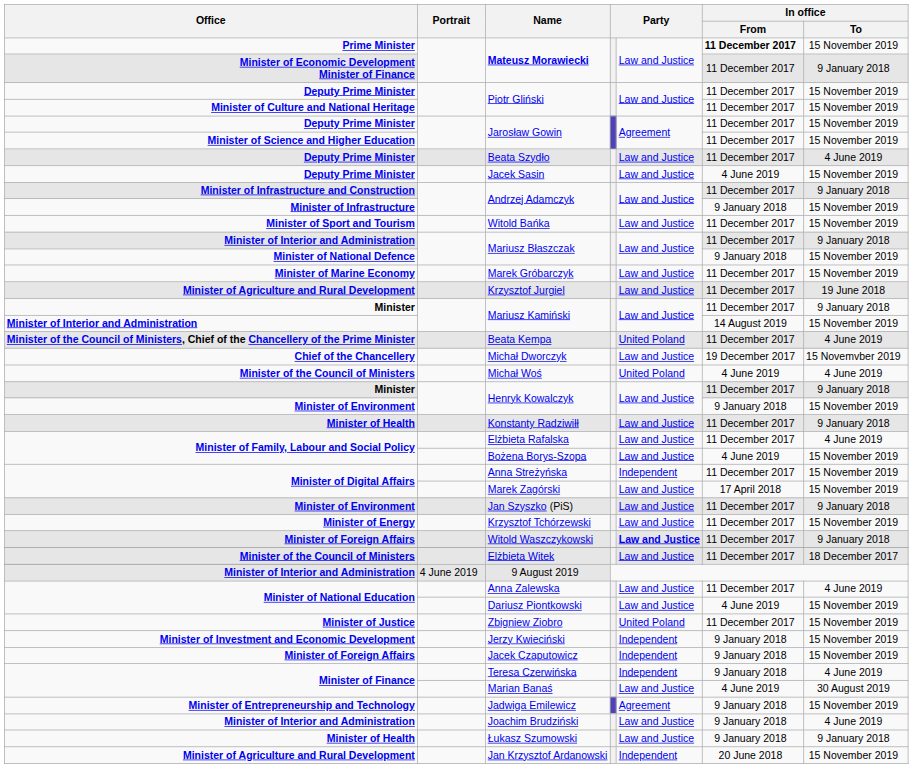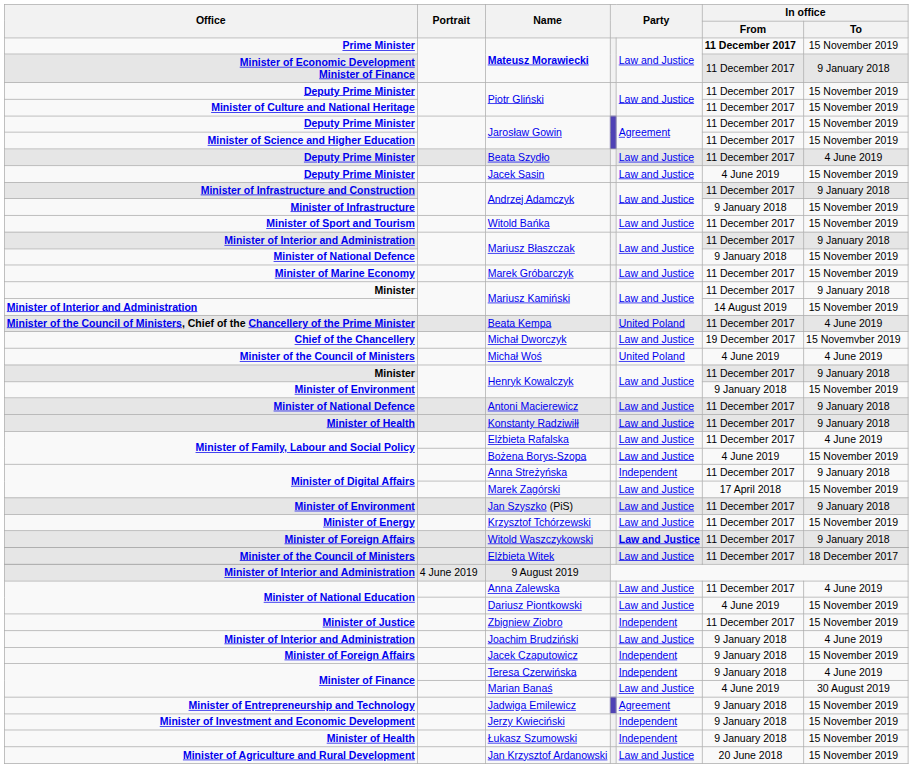 <table class="wikitable" style="font-size: 90%;">
 <tr>
 <th rowspan=2>Office</th>
 <th rowspan="2">Portrait</th>
 <th rowspan="2">Name</th>
 <th colspan="2" rowspan="2">Party</th>
 <th colspan=2><strong>In office</strong></th>
 </tr>
 <tr>
 <th>From</th>
 <th>To</th>
 </tr>
 <tr>
 <td style="text-align: right;"><strong><a href='#'>Prime Minister</a></strong></td>
 <td rowspan="2"></td>
 <td rowspan=2><strong><a href='#'>Mateusz Morawiecki</a></strong></td>
 <th rowspan="2" style="background:"></th>
 <td rowspan="2"><a href='#'>Law and Justice</a></td>
 <td align="center" style="padding-right:10px"><strong>11 December 2017</strong></td>
 <td align="center" style="padding-right:10px">15 November 2019</td>
 </tr>
 <tr style="background: #E6E6E6;">
 <td style="text-align: right;"><strong><a href='#'>Minister of Economic Development</a></strong><br><strong><a href='#'>Minister of Finance</a></strong></td>
 <td align="center" style="padding-right:10px">11 December 2017</td>
 <td align="center" style="padding-right:10px">9 January 2018</td>
 </tr>
 <tr>
 <td style="text-align: right;"><strong><a href='#'>Deputy Prime Minister</a></strong></td>
 <td rowspan="2"></td>
 <td rowspan="2"><a href='#'>Piotr Gliński</a></td>
 <th rowspan="2" style="background:"></th>
 <td rowspan="2"><a href='#'>Law and Justice</a></td>
 <td align="center" style="padding-right:10px">11 December 2017</td>
 <td align="center" style="padding-right:10px">15 November 2019</td>
 </tr>
 <tr>
 <td style="text-align: right;"><strong><a href='#'>Minister of Culture and National Heritage</a></strong></td>
 <td align="center" style="padding-right:10px">11 December 2017</td>
 <td align="center" style="padding-right:10px">15 November 2019</td>
 </tr>
 <tr>
 <td style="text-align: right;"><strong><a href='#'>Deputy Prime Minister</a></strong></td>
 <td rowspan="2"></td>
 <td rowspan=2><a href='#'>Jarosław Gowin</a></td>
 <th rowspan="2" style="width:2px;background:#4F42B5;"></th>
 <td rowspan="2"><a href='#'>Agreement</a></td>
 <td align="center" style="padding-right:10px">11 December 2017</td>
 <td align="center" style="padding-right:10px">15 November 2019</td>
 </tr>
 <tr>
 <td style="text-align: right;"><strong><a href='#'>Minister of Science and Higher Education</a></strong></td>
 <td align="center" style="padding-right:10px">11 December 2017</td>
 <td align="center" style="padding-right:10px">15 November 2019</td>
 </tr>
 <tr style="background: #E6E6E6;">
 <td style="text-align: right;"><strong><a href='#'>Deputy Prime Minister</a></strong></td>
 <td></td>
 <td><a href='#'>Beata Szydło</a></td>
 <th style="background:"></th>
 <td><a href='#'>Law and Justice</a></td>
 <td align="center" style="padding-right:10px; background: #E6E6E6;">11 December 2017</td>
 <td align="center" style="padding-right:10px; background: #E6E6E6;">4 June 2019</td>
 </tr>
 <tr>
 <td style="text-align: right;"><strong><a href='#'>Deputy Prime Minister</a></strong></td>
 <td></td>
 <td><a href='#'>Jacek Sasin</a></td>
 <th style="background:"></th>
 <td><a href='#'>Law and Justice</a></td>
 <td align="center" style="padding-right:10px">4 June 2019</td>
 <td align="center" style="padding-right:10px">15 November 2019</td>
 </tr>
 <tr>
 <td style="text-align: right; background: #E6E6E6;"><strong><a href='#'>Minister of Infrastructure and Construction</a></strong></td>
 <td rowspan="2"></td>
 <td rowspan=2><a href='#'>Andrzej Adamczyk</a></td>
 <th rowspan="2" style="background:"></th>
 <td rowspan="2"><a href='#'>Law and Justice</a></td>
 <td align="center" style="padding-right:10px; background: #E6E6E6;">11 December 2017</td>
 <td align="center" style="padding-right:10px; background: #E6E6E6;">9 January 2018</td>
 </tr>
 <tr>
 <td style="text-align: right;"><strong><a href='#'>Minister of Infrastructure</a></strong></td>
 <td align="center" style="padding-right:10px">9 January 2018</td>
 <td align="center" style="padding-right:10px">15 November 2019</td>
 </tr>
 <tr>
 <td style="text-align: right;"><strong><a href='#'>Minister of Sport and Tourism</a></strong></td>
 <td></td>
 <td><a href='#'>Witold Bańka</a></td>
 <th style="background:"></th>
 <td><a href='#'>Law and Justice</a></td>
 <td align="center" style="padding-right:10px">11 December 2017</td>
 <td align="center" style="padding-right:10px">15 November 2019</td>
 </tr>
 <tr>
 <td style="text-align: right; background: #E6E6E6;"><strong><a href='#'>Minister of Interior and Administration</a></strong></td>
 <td rowspan="2"></td>
 <td rowspan=2><a href='#'>Mariusz Błaszczak</a></td>
 <th rowspan="2" style="background:"></th>
 <td rowspan="2"><a href='#'>Law and Justice</a></td>
 <td align="center" style="padding-right:10px; background: #E6E6E6;">11 December 2017</td>
 <td align="center" style="padding-right:10px; background: #E6E6E6;">9 January 2018</td>
 </tr>
 <tr>
 <td style="text-align: right;"><strong><a href='#'>Minister of National Defence</a></strong></td>
 <td align="center" style="padding-right:10px">9 January 2018</td>
 <td align="center" style="padding-right:10px">15 November 2019</td>
 </tr>
 <tr>
 <td style="text-align: right;"><strong><a href='#'>Minister of Marine Economy</a></strong></td>
 <td></td>
 <td><a href='#'>Marek Gróbarczyk</a></td>
 <th style="background:"></th>
 <td><a href='#'>Law and Justice</a></td>
 <td align="center" style="padding-right:10px">11 December 2017</td>
 <td align="center" style="padding-right:10px">15 November 2019</td>
 </tr>
-<tr style="background: #E6E6E6;">
-<td style="text-align: right"><strong><a href='#'>Minister of Agriculture and Rural Development</a></strong></td>
-<td></td>
-<td><a href='#'>Krzysztof Jurgiel</a></td>
-<th style="background:"></th>
-<td><a href='#'>Law and Justice</a></td>
-<td align="center" style="padding-right:10px">11 December 2017</td>
-<td align="center" style="padding-right:10px">19 June 2018</td>
-</tr>
 <tr>
 <td style="text-align: right;"><strong>Minister</strong></td>
 <td rowspan="2"></td>
 <td rowspan="2"><a href='#'>Mariusz Kamiński</a></td>
 <th rowspan="2" style="background:"></th>
 <td rowspan="2"><a href='#'>Law and Justice</a></td>
 <td align="center" style="padding-right:10px">11 December 2017</td>
 <td align="center" style="padding-right:10px">9 January 2018</td>
 </tr>
 <tr>
 <td><strong><a href='#'>Minister of Interior and Administration</a></strong></td>
 <td align="center" style="padding-right:10px">14 August 2019</td>
 <td align="center" style="padding-right:10px">15 November 2019</td>
 </tr>
 <tr style="background: #E6E6E6;">
 <td style="text-align: right;"><strong><a href='#'>Minister of the Council of Ministers</a>, Chief of the <a href='#'>Chancellery of the Prime Minister</a></strong></td>
 <td></td>
 <td><a href='#'>Beata Kempa</a></td>
 <th style="background:"></th>
 <td><a href='#'>United Poland</a></td>
 <td align="center" style="padding-right:10px; background: #E6E6E6;">11 December 2017</td>
 <td align="center" style="padding-right:10px; background: #E6E6E6;">4 June 2019</td>
 </tr>
 <tr>
 <td style="text-align: right;"><strong><a href='#'>Chief of the Chancellery</a></strong></td>
 <td></td>
 <td><a href='#'>Michał Dworczyk</a></td>
 <th style="background:"></th>
 <td><a href='#'>Law and Justice</a></td>
 <td align="center" style="padding-right:10px">19 December 2017</td>
 <td align="center" style="padding-right:10px">15 Novemvber 2019</td>
 </tr>
 <tr>
 <td style="text-align: right;"><strong><a href='#'>Minister of the Council of Ministers</a></strong></td>
 <td></td>
 <td><a href='#'>Michał Woś</a></td>
 <th style="background:"></th>
 <td><a href='#'>United Poland</a></td>
 <td align="center" style="padding-right:10px">4 June 2019</td>
 <td align="center" style="padding-right:10px">4 June 2019</td>
 </tr>
 <tr>
 <td style="text-align: right; background: #E6E6E6;"><strong>Minister</strong></td>
 <td rowspan="2"></td>
 <td rowspan=2><a href='#'>Henryk Kowalczyk</a></td>
 <th rowspan="2" style="background:"></th>
 <td rowspan="2"><a href='#'>Law and Justice</a></td>
 <td align="center" style="padding-right:10px; background: #E6E6E6;">11 December 2017</td>
 <td align="center" style="padding-right:10px; background: #E6E6E6;">9 January 2018</td>
 </tr>
 <tr>
 <td style="text-align: right;"><strong><a href='#'>Minister of Environment</a></strong></td>
 <td align="center" style="padding-right:10px">9 January 2018</td>
 <td align="center" style="padding-right:10px">15 November 2019</td>
 </tr>
 <tr style="background: #E6E6E6;">
+<td style="text-align: right;"><strong><a href='#'>Minister of National Defence</a></strong></td>
+<td></td>
+<td><a href='#'>Antoni Macierewicz</a></td>
+<th style="background:"></th>
+<td><a href='#'>Law and Justice</a></td>
+<td align="center" style="padding-right:10px">11 December 2017</td>
+<td align="center" style="padding-right:10px">9 January 2018</td>
+</tr>
+<tr style="background: #E6E6E6;">
 <td style="text-align: right;"><strong><a href='#'>Minister of Health</a></strong></td>
 <td></td>
 <td><a href='#'>Konstanty Radziwiłł</a></td>
 <th style="background:"></th>
 <td><a href='#'>Law and Justice</a></td>
 <td align="center" style="padding-right:10px">11 December 2017</td>
 <td align="center" style="padding-right:10px">9 January 2018</td>
 </tr>
 <tr>
 <td rowspan="2" style="text-align: right;"><strong><a href='#'>Minister of Family, Labour and Social Policy</a></strong></td>
 <td></td>
 <td><a href='#'>Elżbieta Rafalska</a></td>
 <th style="background:"></th>
 <td><a href='#'>Law and Justice</a></td>
 <td align="center" style="padding-right:10px">11 December 2017</td>
 <td align="center" style="padding-right:10px">4 June 2019</td>
 </tr>
 <tr>
 <td></td>
 <td><a href='#'>Bożena Borys-Szopa</a></td>
 <th style="background:"></th>
 <td><a href='#'>Law and Justice</a></td>
 <td align="center" style="padding-right:10px">4 June 2019</td>
 <td align="center" style="padding-right:10px">15 November 2019</td>
 </tr>
 <tr>
 <td rowspan="2" style="text-align: right;"><strong><a href='#'>Minister of Digital Affairs</a></strong><br></td>
 <td></td>
 <td><a href='#'>Anna Streżyńska</a></td>
 <td style="background:"></td>
 <td><a href='#'>Independent</a></td>
 <td align="center" style="padding-right:10px">11 December 2017</td>
-<td align="center" style="padding-right:10px">15 November 2019</td>
+<td align="center" style="padding-right:10px">9 January 2018</td>
 </tr>
 <tr>
 <td></td>
 <td><a href='#'>Marek Zagórski</a></td>
 <th style="background:"></th>
 <td><a href='#'>Law and Justice</a></td>
 <td align="center" style="padding-right:10px">17 April 2018</td>
 <td align="center" style="padding-right:10px">15 November 2019</td>
 </tr>
 <tr style="background: #E6E6E6;">
 <td style="text-align: right;"><strong><a href='#'>Minister of Environment</a></strong></td>
 <td></td>
 <td><a href='#'>Jan Szyszko</a> (PiS)</td>
 <th style="background:"></th>
 <td><a href='#'>Law and Justice</a></td>
 <td align="center" style="padding-right:10px">11 December 2017</td>
 <td align="center" style="padding-right:10px">9 January 2018</td>
 </tr>
 <tr>
 <td style="text-align: right;"><strong><a href='#'>Minister of Energy</a></strong></td>
 <td></td>
 <td><a href='#'>Krzysztof Tchórzewski</a></td>
 <th style="background:"></th>
 <td><a href='#'>Law and Justice</a></td>
 <td align="center" style="padding-right:10px">11 December 2017</td>
 <td align="center" style="padding-right:10px">15 November 2019</td>
 </tr>
 <tr style="background: #E6E6E6;">
 <td style="text-align: right;"><strong><a href='#'>Minister of Foreign Affairs</a></strong></td>
 <td></td>
 <td><a href='#'>Witold Waszczykowski</a></td>
 <th style="background:"></th>
 <td><strong><a href='#'>Law and Justice</a></strong></td>
 <td align="center" style="padding-right:10px">11 December 2017</td>
 <td align="center" style="padding-right:10px">9 January 2018</td>
 </tr>
 <tr>
 </tr>
 <tr style="background: #E6E6E6;">
 <td style="text-align: right;"><strong><a href='#'>Minister of the Council of Ministers</a></strong></td>
 <td rowspan="2"></td>
 <td rowspan="2"><a href='#'>Elżbieta Witek</a></td>
 <th rowspan="2" style="background:"></th>
 <td rowspan="2"><a href='#'>Law and Justice</a></td>
 <td align="center" style="padding-right:10px">11 December 2017</td>
 <td align="center" style="padding-right:10px">18 December 2017</td>
 </tr>
 <tr>
 </tr>
 <tr style="background: #E6E6E6;">
 <td style="text-align: right;"><strong><a href='#'>Minister of Interior and Administration</a></strong></td>
 <td align="center" style="padding-right:10px">4 June 2019</td>
 <td align="center" style="padding-right:10px">9 August 2019</td>
 </tr>
 <tr>
 <td rowspan="2" style="text-align: right;"><strong><a href='#'>Minister of National Education</a></strong></td>
 <td></td>
 <td align="" style="padding-right:10px"><a href='#'>Anna Zalewska</a></td>
 <th style="background:"></th>
 <td><a href='#'>Law and Justice</a></td>
 <td align="center" style="padding-right:10px">11 December 2017</td>
 <td align="center" style="padding-right:10px">4 June 2019</td>
 </tr>
 <tr>
 <td></td>
 <td><a href='#'>Dariusz Piontkowski</a></td>
 <th style="background:"></th>
 <td><a href='#'>Law and Justice</a></td>
 <td align="center" style="padding-right:10px">4 June 2019</td>
 <td align="center" style="padding-right:10px">15 November 2019</td>
 </tr>
 <tr>
 <td style="text-align: right;"><strong><a href='#'>Minister of Justice</a></strong></td>
 <td></td>
 <td><a href='#'>Zbigniew Ziobro</a></td>
 <th style="background:"></th>
-<td><a href='#'>United Poland</a></td>
+<td><a href='#'>Independent</a></td>
 <td align="center" style="padding-right:10px">11 December 2017</td>
 <td align="center" style="padding-right:10px">15 November 2019</td>
 </tr>
 <tr>
-<td style="text-align: right;"><strong><a href='#'>Minister of Investment and Economic Development</a></strong></td>
+<td style="text-align: right;"><strong><a href='#'>Minister of Interior and Administration</a></strong></td>
 <td></td>
-<td><a href='#'>Jerzy Kwieciński</a></td>
+<td><a href='#'>Joachim Brudziński</a></td>
 <th style="background:"></th>
-<td><a href='#'>Independent</a></td>
+<td><a href='#'>Law and Justice</a></td>
 <td align="center" style="padding-right:10px">9 January 2018</td>
-<td align="center" style="padding-right:10px">15 November 2019</td>
+<td align="center" style="padding-right:10px">4 June 2019</td>
 </tr>
 <tr>
 <td style="text-align: right;"><strong><a href='#'>Minister of Foreign Affairs</a></strong></td>
 <td></td>
 <td><a href='#'>Jacek Czaputowicz</a></td>
 <th style="background:"></th>
 <td><a href='#'>Independent</a></td>
 <td align="center" style="padding-right:10px">9 January 2018</td>
 <td align="center" style="padding-right:10px">15 November 2019</td>
 </tr>
 <tr>
 <td rowspan="2" style="text-align: right;"><strong><a href='#'>Minister of Finance</a></strong></td>
 <td></td>
 <td><a href='#'>Teresa Czerwińska</a></td>
 <th style="background:"></th>
 <td><a href='#'>Independent</a></td>
 <td align="center" style="padding-right:10px">9 January 2018</td>
 <td align="center" style="padding-right:10px">4 June 2019</td>
 </tr>
 <tr>
 <td></td>
 <td><a href='#'>Marian Banaś</a></td>
 <th style="background:"></th>
 <td><a href='#'>Law and Justice</a></td>
 <td align="center" style="padding-right:10px">4 June 2019</td>
 <td align="center" style="padding-right:10px">30 August 2019</td>
 </tr>
 <tr>
 <td style="text-align: right;"><strong><a href='#'>Minister of Entrepreneurship and Technology</a></strong></td>
 <td></td>
 <td><a href='#'>Jadwiga Emilewicz</a></td>
 <th style="width:2px;background:#4F42B5;"></th>
 <td><a href='#'>Agreement</a></td>
 <td align="center" style="padding-right:10px">9 January 2018</td>
 <td align="center" style="padding-right:10px">15 November 2019</td>
 </tr>
 <tr>
-<td style="text-align: right;"><strong><a href='#'>Minister of Interior and Administration</a></strong></td>
+<td style="text-align: right;"><strong><a href='#'>Minister of Investment and Economic Development</a></strong></td>
 <td></td>
-<td><a href='#'>Joachim Brudziński</a></td>
+<td><a href='#'>Jerzy Kwieciński</a></td>
 <th style="background:"></th>
-<td><a href='#'>Law and Justice</a></td>
+<td><a href='#'>Independent</a></td>
 <td align="center" style="padding-right:10px">9 January 2018</td>
-<td align="center" style="padding-right:10px">4 June 2019</td>
+<td align="center" style="padding-right:10px">15 November 2019</td>
 </tr>
 <tr>
 <td style="text-align: right;"><strong><a href='#'>Minister of Health</a></strong></td>
 <td></td>
 <td><a href='#'>Łukasz Szumowski</a></td>
 <th style="background:"></th>
-<td><a href='#'>Law and Justice</a></td>
+<td><a href='#'>Independent</a></td>
 <td align="center" style="padding-right:10px">9 January 2018</td>
-<td align="center" style="padding-right:10px">9 January 2018</td>
+<td align="center" style="padding-right:10px">15 November 2019</td>
 </tr>
 <tr>
 <td style="text-align: right;"><strong><a href='#'>Minister of Agriculture and Rural Development</a></strong></td>
 <td></td>
 <td><a href='#'>Jan Krzysztof Ardanowski</a></td>
 <th style="background:"></th>
-<td><a href='#'>Independent</a></td>
+<td><a href='#'>Law and Justice</a></td>
 <td align="center" style="padding-right:10px">20 June 2018</td>
 <td align="center" style="padding-right:10px">15 November 2019</td>
 </tr>
 </table>
